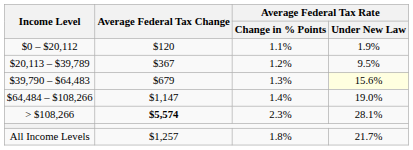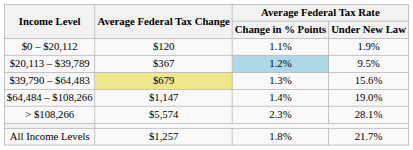 <table class="wikitable" style="text-align:center">
 <tr>
 <th rowspan="2">Income Level</th>
 <th rowspan="2">Average Federal Tax Change</th>
 <th colspan="2">Average Federal Tax Rate</th>
 </tr>
 <tr>
 <th>Change in % Points</th>
 <th>Under New Law</th>
 </tr>
 <tr>
 <td>$0 – $20,112</td>
 <td>$120</td>
 <td>1.1%</td>
 <td>1.9%</td>
 </tr>
 <tr>
 <td>$20,113 – $39,789</td>
 <td>$367</td>
-<td>1.2%</td>
+<td style="background: lightblue;">1.2%</td>
 <td>9.5%</td>
 </tr>
 <tr>
 <td>$39,790 – $64,483</td>
-<td>$679</td>
+<td style="background: khaki;">$679</td>
 <td>1.3%</td>
-<td style="background: lightyellow;">15.6%</td>
+<td>15.6%</td>
 </tr>
 <tr>
 <td>$64,484 – $108,266</td>
 <td>$1,147</td>
 <td>1.4%</td>
 <td>19.0%</td>
 </tr>
 <tr>
 <td>> $108,266</td>
-<td><strong>$5,574</strong></td>
+<td>$5,574</td>
 <td>2.3%</td>
 <td>28.1%</td>
 </tr>
 <tr>
 <th></th>
 <td colspan="4"></td>
 </tr>
 <tr>
 <td>All Income Levels</td>
 <td>$1,257</td>
 <td>1.8%</td>
 <td>21.7%</td>
 </tr>
 </table>
